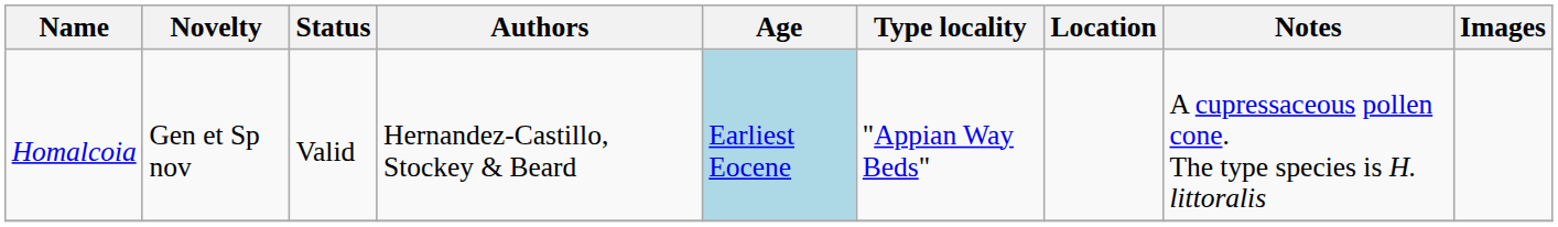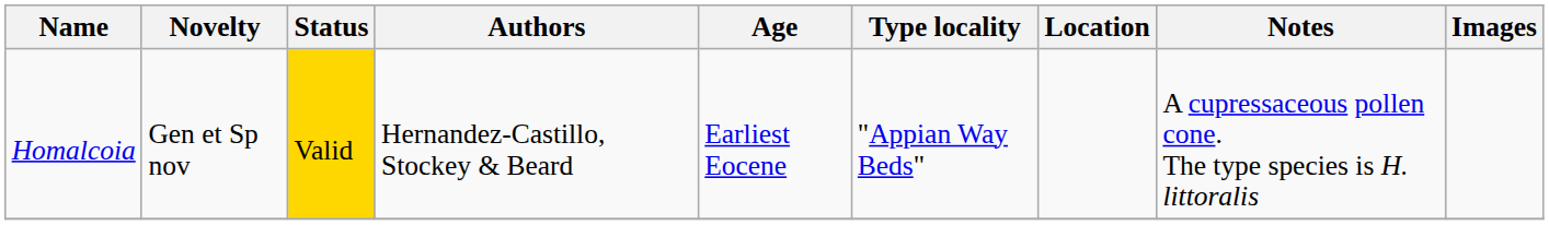 <table class="wikitable sortable" align="center" width="100%">
 <tr>
 <th>Name</th>
 <th>Novelty</th>
 <th>Status</th>
 <th>Authors</th>
 <th>Age</th>
 <th>Type locality</th>
 <th>Location</th>
 <th>Notes</th>
 <th>Images</th>
 </tr>
 <tr>
 <td><br><em><a href='#'>Homalcoia</a></em></td>
 <td><br>Gen et Sp nov</td>
-<td><br>Valid</td>
+<td style="background: gold;"><br>Valid</td>
 <td><br>Hernandez-Castillo, Stockey & Beard</td>
-<td style="background: lightblue;"><br><a href='#'>Earliest Eocene</a></td>
+<td><br><a href='#'>Earliest Eocene</a></td>
 <td><br>"<a href='#'>Appian Way Beds</a>"</td>
 <td><br><br></td>
 <td><br>A <a href='#'>cupressaceous</a> <a href='#'>pollen cone</a>.<br>The type species is <em>H. littoralis</em></td>
 <td></td>
 </tr>
 <tr>
 </tr>
 </table>
